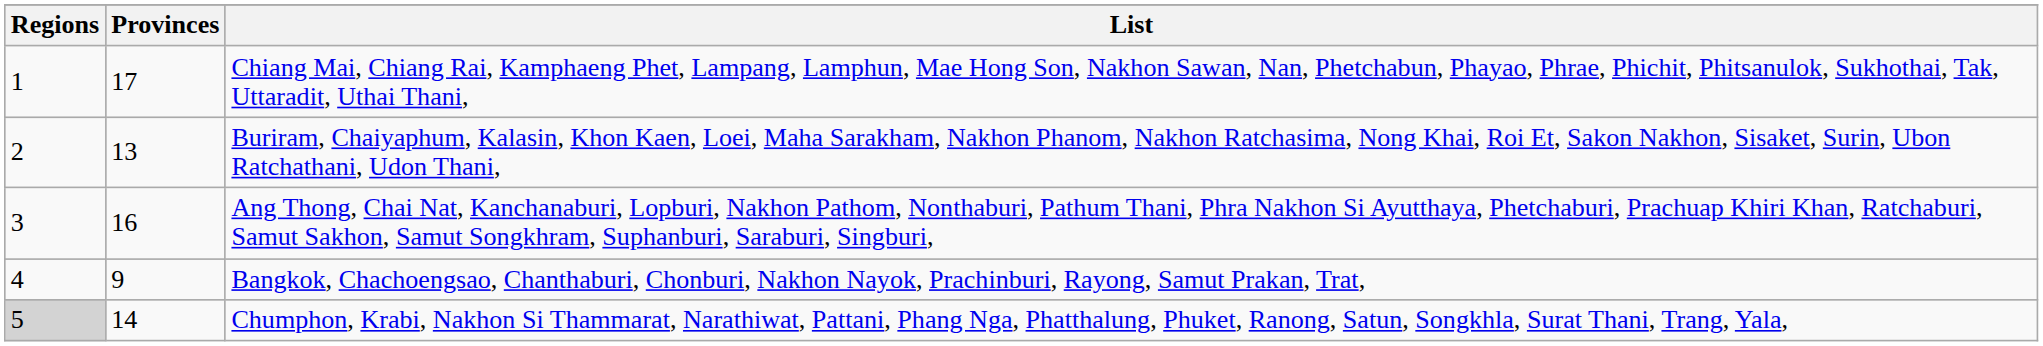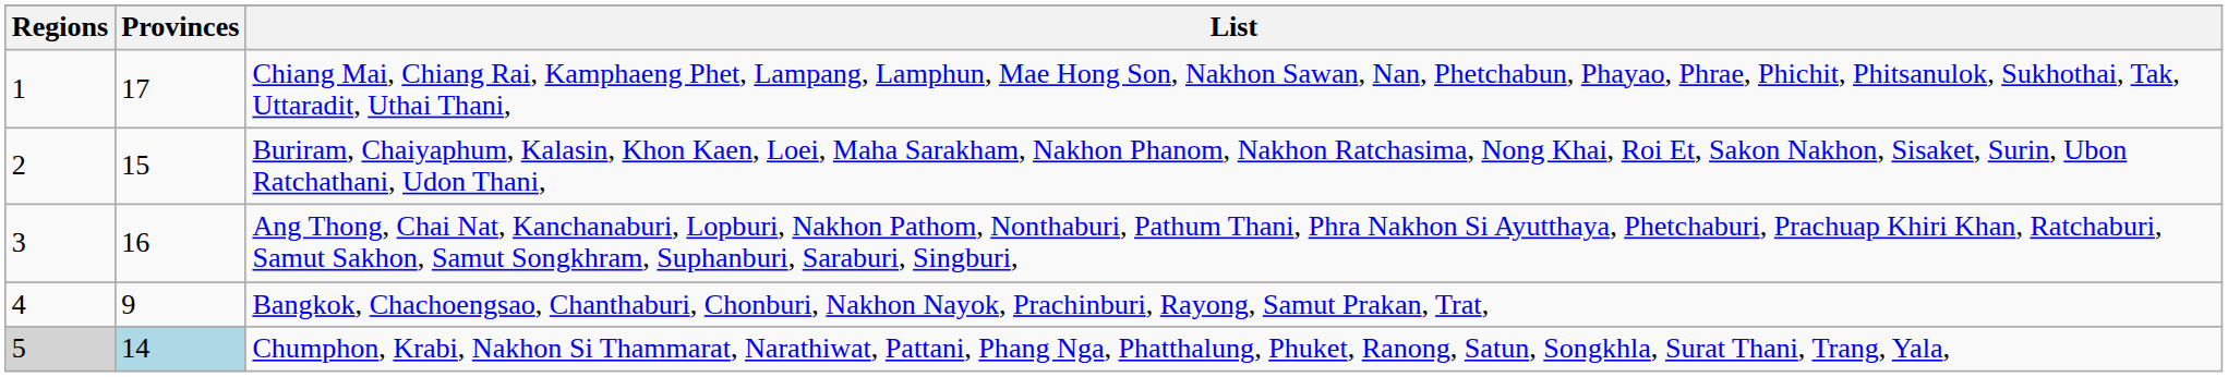 <table class="wikitable">
 <tr>
 </tr>
 <tr>
 <th>Regions</th>
 <th>Provinces</th>
 <th>List</th>
 </tr>
 <tr>
 <td>1</td>
 <td>17</td>
 <td><a href='#'>Chiang Mai</a>,    <a href='#'>Chiang Rai</a>,    <a href='#'>Kamphaeng Phet</a>,    <a href='#'>Lampang</a>,    <a href='#'>Lamphun</a>,    <a href='#'>Mae Hong Son</a>,    <a href='#'>Nakhon Sawan</a>,    <a href='#'>Nan</a>,    <a href='#'>Phetchabun</a>,    <a href='#'>Phayao</a>,    <a href='#'>Phrae</a>,    <a href='#'>Phichit</a>,    <a href='#'>Phitsanulok</a>,    <a href='#'>Sukhothai</a>,    <a href='#'>Tak</a>,    <a href='#'>Uttaradit</a>,    <a href='#'>Uthai Thani</a>,</td>
 </tr>
 <tr>
 <td>2</td>
-<td>13</td>
+<td>15</td>
 <td><a href='#'>Buriram</a>,    <a href='#'>Chaiyaphum</a>,    <a href='#'>Kalasin</a>,    <a href='#'>Khon Kaen</a>,    <a href='#'>Loei</a>,     <a href='#'>Maha Sarakham</a>,    <a href='#'>Nakhon Phanom</a>,   <a href='#'>Nakhon Ratchasima</a>,      <a href='#'>Nong Khai</a>,   <a href='#'>Roi Et</a>,   <a href='#'>Sakon Nakhon</a>,    <a href='#'>Sisaket</a>,     <a href='#'>Surin</a>,    <a href='#'>Ubon Ratchathani</a>,    <a href='#'>Udon Thani</a>,</td>
 </tr>
 <tr>
 <td>3</td>
 <td>16</td>
 <td><a href='#'>Ang Thong</a>,      <a href='#'>Chai Nat</a>,     <a href='#'>Kanchanaburi</a>,  <a href='#'>Lopburi</a>,      <a href='#'>Nakhon Pathom</a>,    <a href='#'>Nonthaburi</a>,    <a href='#'>Pathum Thani</a>,    <a href='#'>Phra Nakhon Si Ayutthaya</a>,                                <a href='#'>Phetchaburi</a>,    <a href='#'>Prachuap Khiri Khan</a>,    <a href='#'>Ratchaburi</a>,    <a href='#'>Samut Sakhon</a>,    <a href='#'>Samut Songkhram</a>,    <a href='#'>Suphanburi</a>,  <a href='#'>Saraburi</a>,  <a href='#'>Singburi</a>,</td>
 </tr>
 <tr>
 <td>4</td>
 <td>9</td>
 <td><a href='#'>Bangkok</a>,   <a href='#'>Chachoengsao</a>,  <a href='#'>Chanthaburi</a>,    <a href='#'>Chonburi</a>,   <a href='#'>Nakhon Nayok</a>,  <a href='#'>Prachinburi</a>,    <a href='#'>Rayong</a>,  <a href='#'>Samut Prakan</a>,  <a href='#'>Trat</a>,</td>
 </tr>
 <tr>
 <td style="background: lightgrey;">5</td>
-<td>14</td>
+<td style="background: lightblue;">14</td>
 <td><a href='#'>Chumphon</a>,    <a href='#'>Krabi</a>,    <a href='#'>Nakhon Si Thammarat</a>,   <a href='#'>Narathiwat</a>,  <a href='#'>Pattani</a>,  <a href='#'>Phang Nga</a>,   <a href='#'>Phatthalung</a>,   <a href='#'>Phuket</a>,    <a href='#'>Ranong</a>,   <a href='#'>Satun</a>,   <a href='#'>Songkhla</a>,   <a href='#'>Surat Thani</a>,   <a href='#'>Trang</a>,   <a href='#'>Yala</a>,</td>
 </tr>
 </table>
